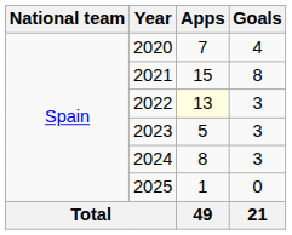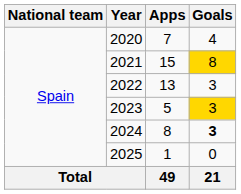 <table class="wikitable" style="text-align: center;">
 <tr>
 <th>National team</th>
 <th>Year</th>
 <th>Apps</th>
 <th>Goals</th>
 </tr>
 <tr>
 <td rowspan="6"><a href='#'>Spain</a></td>
 <td>2020</td>
 <td>7</td>
 <td>4</td>
 </tr>
 <tr>
 <td>2021</td>
 <td>15</td>
-<td>8</td>
+<td style="background: gold;">8</td>
 </tr>
 <tr>
 <td>2022</td>
-<td style="background: lightyellow;">13</td>
+<td>13</td>
 <td>3</td>
 </tr>
 <tr>
 <td>2023</td>
 <td>5</td>
-<td>3</td>
+<td style="background: gold;">3</td>
 </tr>
 <tr>
 <td>2024</td>
 <td>8</td>
-<td>3</td>
+<td><strong>3</strong></td>
 </tr>
 <tr>
 <td>2025</td>
 <td>1</td>
 <td>0</td>
 </tr>
 <tr>
 <th colspan="2">Total</th>
 <th>49</th>
 <th>21</th>
 </tr>
 </table>
